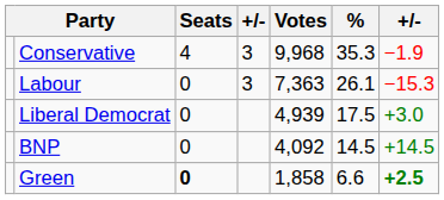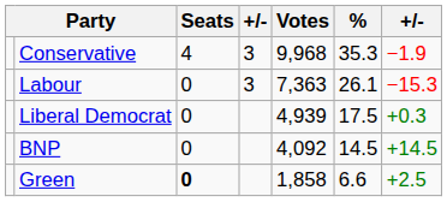 <table class="wikitable">
 <tr>
 <th colspan="2">Party</th>
 <th>Seats</th>
 <th>+/-</th>
 <th>Votes</th>
 <th>%</th>
 <th>+/-</th>
 </tr>
 <tr>
 <td style="background-color: "></td>
 <td><a href='#'>Conservative</a></td>
 <td>4</td>
 <td> 3</td>
 <td>9,968</td>
 <td>35.3</td>
 <td style="color:red">−1.9</td>
 </tr>
 <tr>
 <td style="background-color: "></td>
 <td><a href='#'>Labour</a></td>
 <td>0</td>
 <td> 3</td>
 <td>7,363</td>
 <td>26.1</td>
 <td style="color:red">−15.3</td>
 </tr>
 <tr>
 <td style="background-color: "></td>
 <td><a href='#'>Liberal Democrat</a></td>
 <td>0</td>
 <td></td>
 <td>4,939</td>
 <td>17.5</td>
-<td style="color:green">+3.0</td>
+<td style="color:green">+0.3</td>
 </tr>
 <tr>
 <td style="background-color: "></td>
 <td><a href='#'>BNP</a></td>
 <td>0</td>
 <td></td>
 <td>4,092</td>
 <td>14.5</td>
 <td style="color:green">+14.5</td>
 </tr>
 <tr>
 <td style="background-color: "></td>
 <td><a href='#'>Green</a></td>
 <td><strong>0</strong></td>
 <td></td>
 <td>1,858</td>
 <td>6.6</td>
-<td style="color:green"><strong>+2.5</strong></td>
+<td style="color:green">+2.5</td>
 </tr>
 </table>
